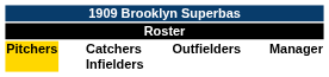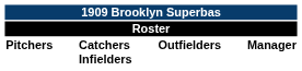 <table class="toccolours" style="font-size: 95%;">
 <tr>
 <th colspan="10" style="background-color: #083c6b; color: white; text-align: center;">1909 Brooklyn Superbas</th>
 </tr>
 <tr>
 <td colspan="10" style="background-color: black; color: white; text-align: center;"><strong>Roster</strong></td>
 </tr>
 <tr>
-<td valign="top" style="background: gold;"><strong>Pitchers</strong><br>          </td>
+<td valign="top"><strong>Pitchers</strong><br>          </td>
 <td width="25px"></td>
 <td valign="top"><strong>Catchers</strong><br>   <strong>Infielders</strong>        </td>
 <td width="25px"></td>
 <td valign="top"><strong>Outfielders</strong><br>        </td>
 <td width="25px"></td>
 <td valign="top"><strong>Manager</strong><br></td>
 </tr>
 </table>
